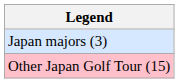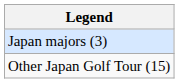 <table class="wikitable" style="font-size:95%;">
 <tr>
 <th>Legend</th>
 </tr>
 <tr style="background:#D6E8FF;">
 <td>Japan majors (3)</td>
 </tr>
 <tr>
-<td style="background: pink;">Other Japan Golf Tour (15)</td>
+<td>Other Japan Golf Tour (15)</td>
 </tr>
 </table>
